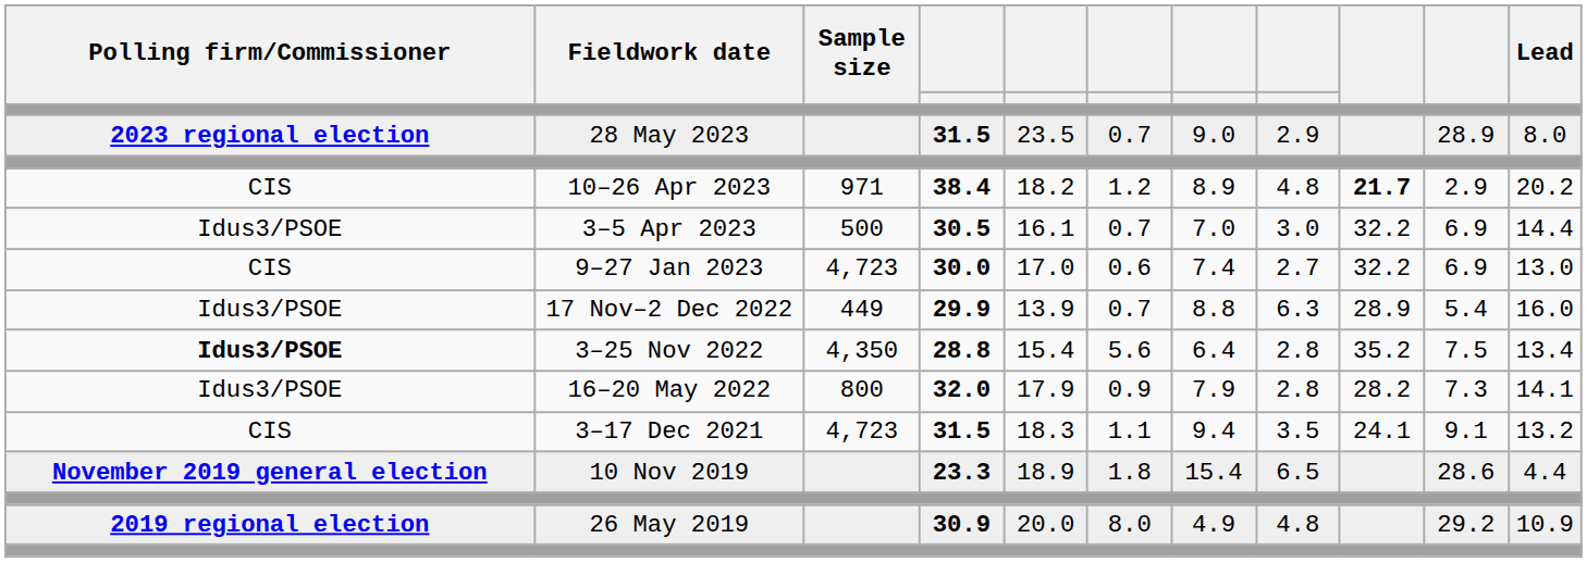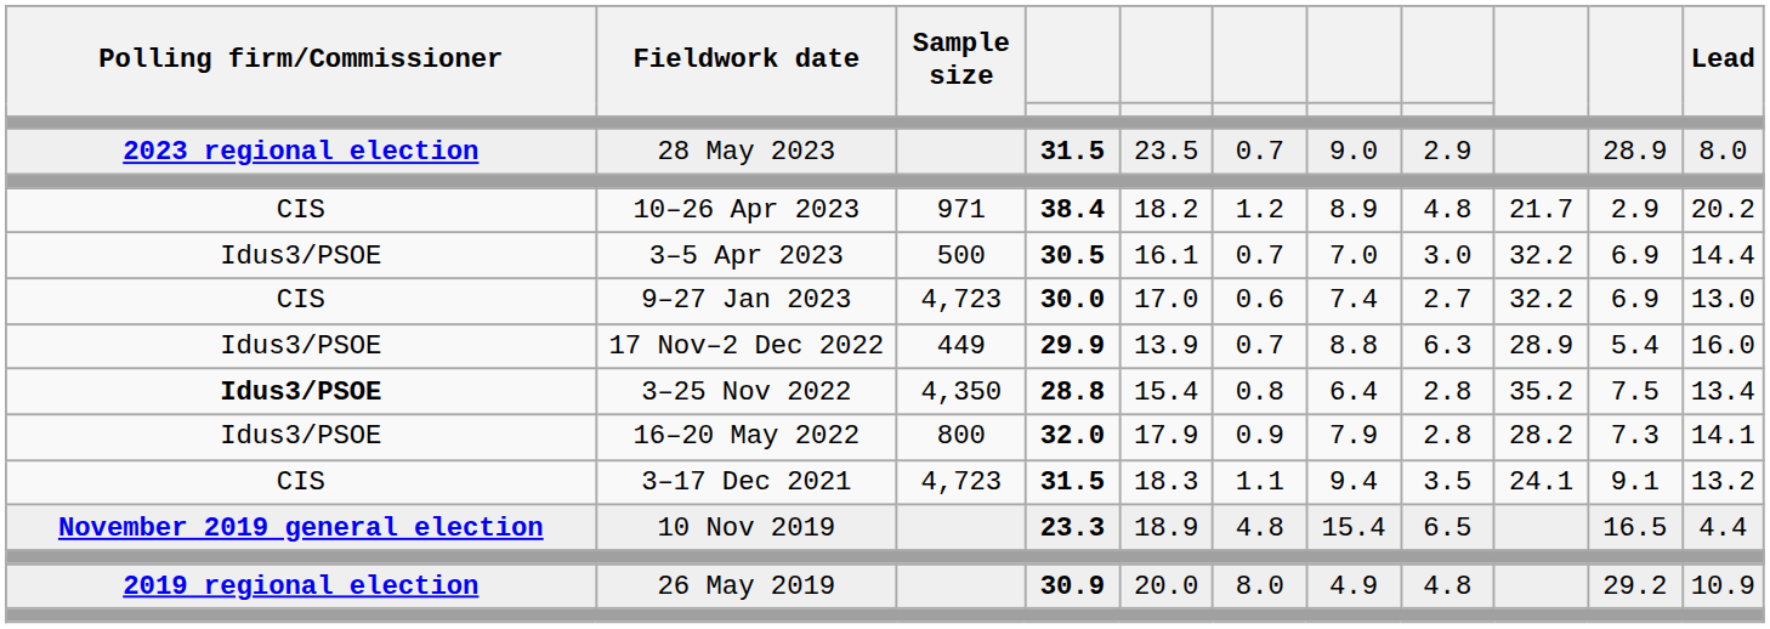 <table class="wikitable collapsible collapsed" style="text-align:center; font-size:90%; line-height:14px;">
 <tr style="height:42px;">
 <th style="width:250px;" rowspan="2">Polling firm/Commissioner</th>
 <th style="width:125px;" rowspan="2">Fieldwork date</th>
 <th style="width:50px;" rowspan="2">Sample size</th>
 <th style="width:35px;"></th>
 <th style="width:35px;"></th>
 <th style="width:35px;"></th>
 <th style="width:35px;"></th>
 <th style="width:35px;"></th>
 <th style="width:35px;" rowspan="2"></th>
 <th style="width:35px;" rowspan="2"></th>
 <th style="width:30px;" rowspan="2">Lead</th>
 </tr>
 <tr>
 <th style="color:inherit;background:"></th>
 <th style="color:inherit;background:"></th>
 <th style="color:inherit;background:"></th>
 <th style="color:inherit;background:"></th>
 <th style="color:inherit;background:"></th>
 </tr>
 <tr>
 <td colspan="11" style="background:#A0A0A0"></td>
 </tr>
 <tr style="background:#EFEFEF;">
 <td><strong><a href='#'>2023 regional election</a></strong></td>
 <td>28 May 2023</td>
 <td></td>
 <td><strong>31.5</strong></td>
 <td>23.5</td>
 <td>0.7</td>
 <td>9.0</td>
 <td>2.9</td>
 <td></td>
 <td>28.9</td>
 <td style="background:">8.0</td>
 </tr>
 <tr>
 <td colspan="11" style="background:#A0A0A0"></td>
 </tr>
 <tr>
 <td>CIS</td>
 <td>10–26 Apr 2023</td>
 <td>971</td>
 <td><strong>38.4</strong></td>
 <td>18.2</td>
 <td>1.2</td>
 <td>8.9</td>
 <td>4.8</td>
-<td><strong>21.7</strong></td>
+<td>21.7</td>
 <td>2.9</td>
 <td style="background:">20.2</td>
 </tr>
 <tr>
 <td>Idus3/PSOE</td>
 <td>3–5 Apr 2023</td>
 <td>500</td>
 <td><strong>30.5</strong></td>
 <td>16.1</td>
 <td>0.7</td>
 <td>7.0</td>
 <td>3.0</td>
 <td>32.2</td>
 <td>6.9</td>
 <td style="background:">14.4</td>
 </tr>
 <tr>
 <td>CIS</td>
 <td>9–27 Jan 2023</td>
 <td>4,723</td>
 <td><strong>30.0</strong></td>
 <td>17.0</td>
 <td>0.6</td>
 <td>7.4</td>
 <td>2.7</td>
 <td>32.2</td>
 <td>6.9</td>
 <td style="background:">13.0</td>
 </tr>
 <tr>
 <td>Idus3/PSOE</td>
 <td>17 Nov–2 Dec 2022</td>
 <td>449</td>
 <td><strong>29.9</strong></td>
 <td>13.9</td>
 <td>0.7</td>
 <td>8.8</td>
 <td>6.3</td>
 <td>28.9</td>
 <td>5.4</td>
 <td style="background:">16.0</td>
 </tr>
 <tr>
 <td><strong>Idus3/PSOE</strong></td>
 <td>3–25 Nov 2022</td>
 <td>4,350</td>
 <td><strong>28.8</strong></td>
 <td>15.4</td>
-<td>5.6</td>
+<td>0.8</td>
 <td>6.4</td>
 <td>2.8</td>
 <td>35.2</td>
 <td>7.5</td>
 <td style="background:">13.4</td>
 </tr>
 <tr>
 <td>Idus3/PSOE</td>
 <td>16–20 May 2022</td>
 <td>800</td>
 <td><strong>32.0</strong></td>
 <td>17.9</td>
 <td>0.9</td>
 <td>7.9</td>
 <td>2.8</td>
 <td>28.2</td>
 <td>7.3</td>
 <td style="background:">14.1</td>
 </tr>
 <tr>
 <td>CIS</td>
 <td>3–17 Dec 2021</td>
 <td>4,723</td>
 <td><strong>31.5</strong></td>
 <td>18.3</td>
 <td>1.1</td>
 <td>9.4</td>
 <td>3.5</td>
 <td>24.1</td>
 <td>9.1</td>
 <td style="background:">13.2</td>
 </tr>
 <tr style="background:#EFEFEF;">
 <td><strong><a href='#'>November 2019 general election</a></strong></td>
 <td>10 Nov 2019</td>
 <td></td>
 <td><strong>23.3</strong></td>
 <td>18.9</td>
-<td>1.8</td>
+<td>4.8</td>
 <td>15.4</td>
 <td>6.5</td>
 <td></td>
-<td>28.6</td>
+<td>16.5</td>
 <td style="background:">4.4</td>
 </tr>
 <tr>
 <td colspan="11" style="background:#A0A0A0"></td>
 </tr>
 <tr style="background:#EFEFEF;">
 <td><strong><a href='#'>2019 regional election</a></strong></td>
 <td>26 May 2019</td>
 <td></td>
 <td><strong>30.9</strong></td>
 <td>20.0</td>
 <td>8.0</td>
 <td>4.9</td>
 <td>4.8</td>
 <td></td>
 <td>29.2</td>
 <td style="background:">10.9</td>
 </tr>
 <tr>
 <td colspan="11" style="background:#A0A0A0"></td>
 </tr>
 </table>
